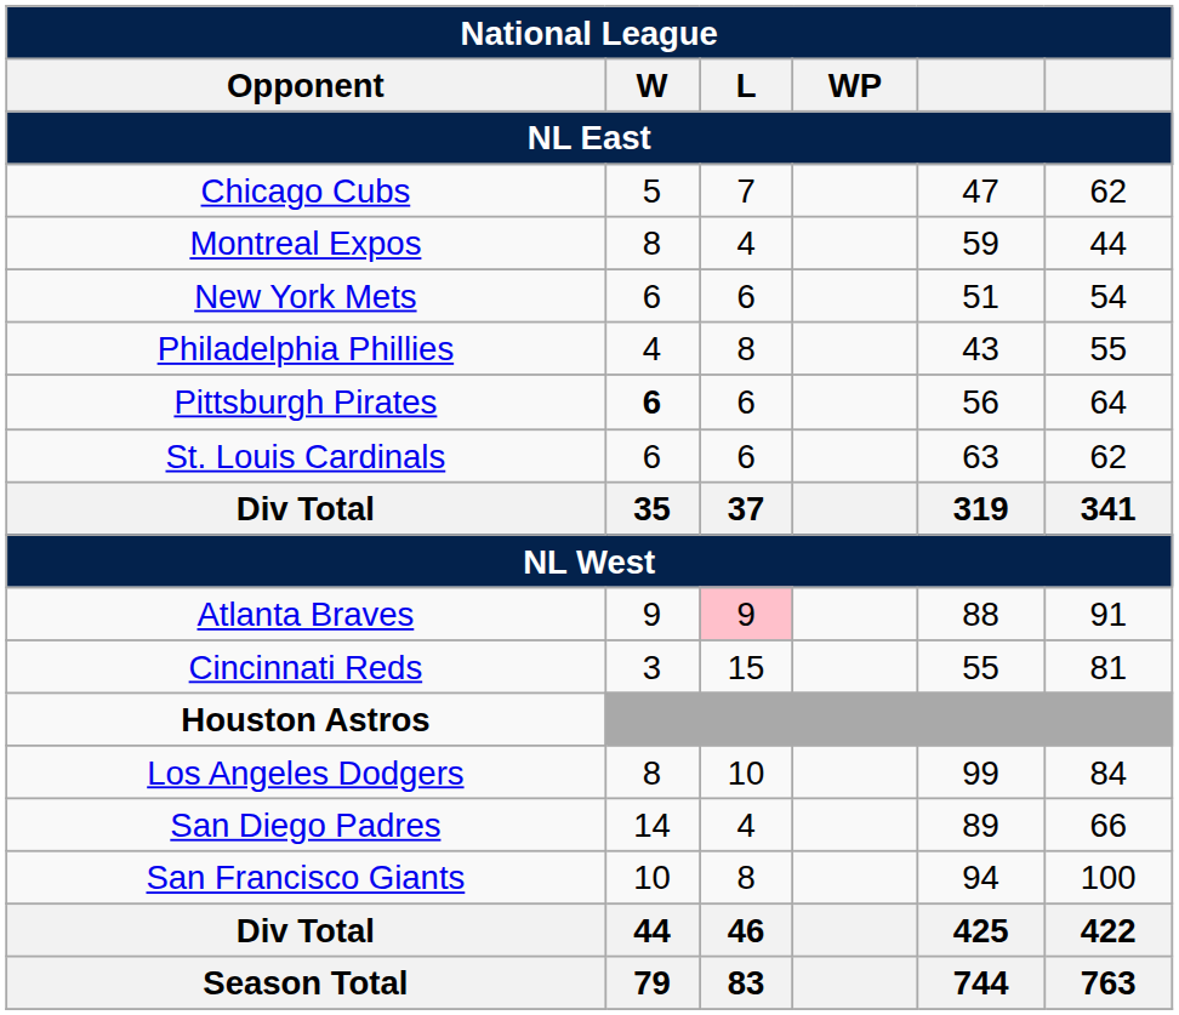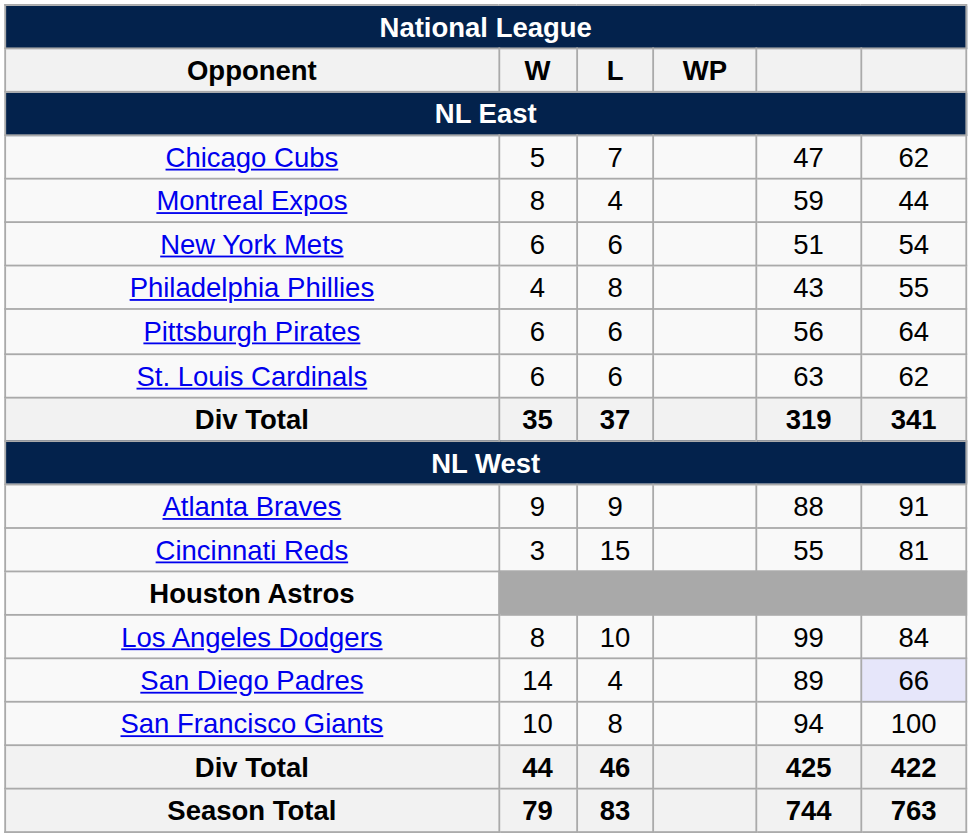 <table class="wikitable" style="margin:1em auto; font-size:95%; text-align:center; width:35em;">
 <tr>
 <th colspan="7" style="background:#03224c; color:#ffffff;">National League</th>
 </tr>
 <tr>
 <th>Opponent</th>
 <th>W</th>
 <th>L</th>
 <th>WP</th>
 <th></th>
 <th></th>
 </tr>
 <tr>
 <th colspan="7" style="background:#03224c; color:#ffffff;">NL East</th>
 </tr>
 <tr>
 <td><a href='#'>Chicago Cubs</a></td>
 <td>5</td>
 <td>7</td>
 <td></td>
 <td>47</td>
 <td>62</td>
 </tr>
 <tr>
 <td><a href='#'>Montreal Expos</a></td>
 <td>8</td>
 <td>4</td>
 <td></td>
 <td>59</td>
 <td>44</td>
 </tr>
 <tr>
 <td><a href='#'><span>New York Mets</span></a></td>
 <td>6</td>
 <td>6</td>
 <td></td>
 <td>51</td>
 <td>54</td>
 </tr>
 <tr>
 <td><a href='#'><span>Philadelphia Phillies</span></a></td>
 <td>4</td>
 <td>8</td>
 <td></td>
 <td>43</td>
 <td>55</td>
 </tr>
 <tr>
 <td><a href='#'>Pittsburgh Pirates</a></td>
-<td><strong>6</strong></td>
+<td>6</td>
 <td>6</td>
 <td></td>
 <td>56</td>
 <td>64</td>
 </tr>
 <tr>
 <td><a href='#'>St. Louis Cardinals</a></td>
 <td>6</td>
 <td>6</td>
 <td></td>
 <td>63</td>
 <td>62</td>
 </tr>
 <tr>
 <th>Div Total</th>
 <th>35</th>
 <th>37</th>
 <th></th>
 <th>319</th>
 <th>341</th>
 </tr>
 <tr>
 <th colspan="7" style="background:#03224c; color:#ffffff;">NL West</th>
 </tr>
 <tr>
 <td><a href='#'>Atlanta Braves</a></td>
 <td>9</td>
-<td style="background: pink;">9</td>
+<td>9</td>
 <td></td>
 <td>88</td>
 <td>91</td>
 </tr>
 <tr>
 <td><a href='#'>Cincinnati Reds</a></td>
 <td>3</td>
 <td>15</td>
 <td></td>
 <td>55</td>
 <td>81</td>
 </tr>
 <tr>
 <td><span><strong>Houston Astros</strong></span></td>
 <td colspan=5 style="background:darkgray;"></td>
 </tr>
 <tr>
 <td><a href='#'><span>Los Angeles Dodgers</span></a></td>
 <td>8</td>
 <td>10</td>
 <td></td>
 <td>99</td>
 <td>84</td>
 </tr>
 <tr>
 <td><a href='#'>San Diego Padres</a></td>
 <td>14</td>
 <td>4</td>
 <td></td>
 <td>89</td>
-<td>66</td>
+<td style="background: lavender;">66</td>
 </tr>
 <tr>
 <td><a href='#'>San Francisco Giants</a></td>
 <td>10</td>
 <td>8</td>
 <td></td>
 <td>94</td>
 <td>100</td>
 </tr>
 <tr>
 <th>Div Total</th>
 <th>44</th>
 <th>46</th>
 <th></th>
 <th>425</th>
 <th>422</th>
 </tr>
 <tr>
 <th>Season Total</th>
 <th>79</th>
 <th>83</th>
 <th></th>
 <th>744</th>
 <th>763</th>
 </tr>
 </table>
